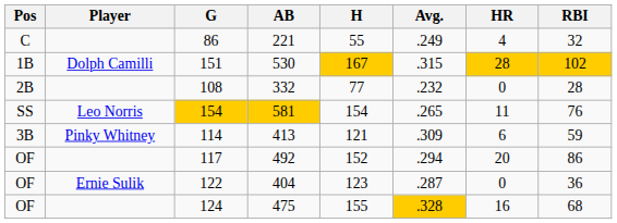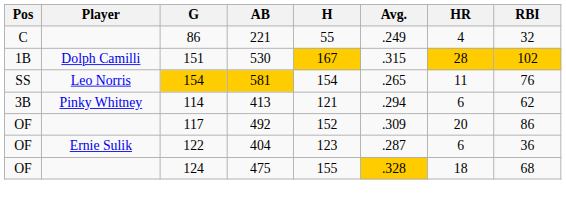 <table class="wikitable sortable">
 <tr>
 <th bgcolor="#DDDDFF" width="5%">Pos</th>
 <th bgcolor="#DDDDFF" width="16%">Player</th>
 <th bgcolor="#DDDDFF" width="9%">G</th>
 <th bgcolor="#DDDDFF" width="9%">AB</th>
 <th bgcolor="#DDDDFF" width="9%">H</th>
 <th bgcolor="#DDDDFF" width="9%">Avg.</th>
 <th bgcolor="#DDDDFF" width="9%">HR</th>
 <th bgcolor="#DDDDFF" width="9%">RBI</th>
 </tr>
 <tr align="center">
 <td>C</td>
 <td></td>
 <td>86</td>
 <td>221</td>
 <td>55</td>
 <td>.249</td>
 <td>4</td>
 <td>32</td>
 </tr>
 <tr align="center">
 <td>1B</td>
 <td><a href='#'>Dolph Camilli</a></td>
 <td>151</td>
 <td>530</td>
 <td style="background:#fc0;">167</td>
 <td>.315</td>
 <td style="background:#fc0;">28</td>
 <td style="background:#fc0;">102</td>
 </tr>
-<tr align=center>
-<td>2B</td>
-<td></td>
-<td>108</td>
-<td>332</td>
-<td>77</td>
-<td>.232</td>
-<td>0</td>
-<td>28</td>
-</tr>
 <tr align="center">
 <td>SS</td>
 <td><a href='#'>Leo Norris</a></td>
 <td style="background:#fc0;">154</td>
 <td style="background:#fc0;">581</td>
 <td>154</td>
 <td>.265</td>
 <td>11</td>
 <td>76</td>
 </tr>
 <tr align=center>
 <td>3B</td>
 <td><a href='#'>Pinky Whitney</a></td>
 <td>114</td>
 <td>413</td>
 <td>121</td>
-<td>.309</td>
+<td>.294</td>
 <td>6</td>
-<td>59</td>
+<td>62</td>
 </tr>
 <tr align=center>
 <td>OF</td>
 <td></td>
 <td>117</td>
 <td>492</td>
 <td>152</td>
-<td>.294</td>
+<td>.309</td>
 <td>20</td>
 <td>86</td>
 </tr>
 <tr align="center">
 <td>OF</td>
 <td><a href='#'>Ernie Sulik</a></td>
 <td>122</td>
 <td>404</td>
 <td>123</td>
 <td>.287</td>
-<td>0</td>
+<td>6</td>
 <td>36</td>
 </tr>
 <tr align=center>
 <td>OF</td>
 <td></td>
 <td>124</td>
 <td>475</td>
 <td>155</td>
 <td style="background:#fc0;">.328</td>
-<td>16</td>
+<td>18</td>
 <td>68</td>
 </tr>
 </table>
